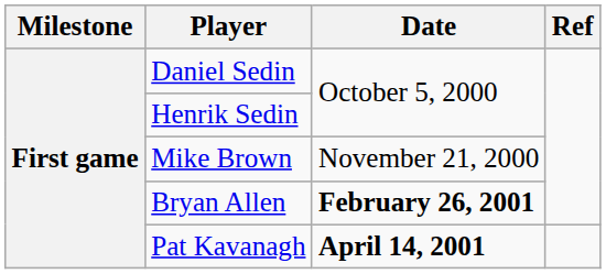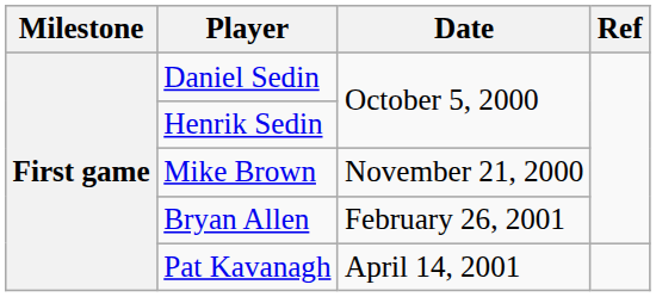 <table class="wikitable">
 <tr>
 <th scope="col">Milestone</th>
 <th scope="col">Player</th>
 <th scope="col">Date</th>
 <th scope="col">Ref</th>
 </tr>
 <tr>
 <th rowspan=5>First game</th>
 <td><a href='#'>Daniel Sedin</a></td>
 <td rowspan=2>October 5, 2000</td>
 <td rowspan=4></td>
 </tr>
 <tr>
 <td><a href='#'>Henrik Sedin</a></td>
 </tr>
 <tr>
 <td><a href='#'>Mike Brown</a></td>
 <td>November 21, 2000</td>
 </tr>
 <tr>
 <td><a href='#'>Bryan Allen</a></td>
-<td><strong>February 26, 2001</strong></td>
+<td>February 26, 2001</td>
 </tr>
 <tr>
 <td><a href='#'>Pat Kavanagh</a></td>
-<td><strong>April 14, 2001</strong></td>
+<td>April 14, 2001</td>
 <td></td>
 </tr>
 </table>
